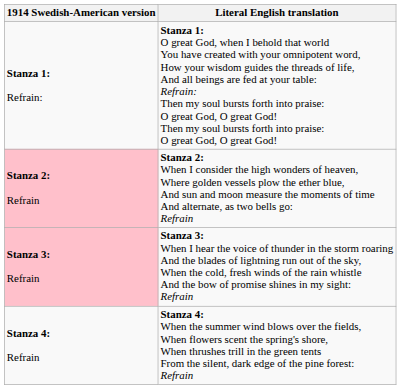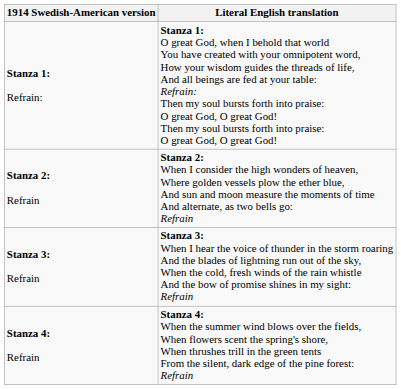 <table class="wikitable">
 <tr>
 <th>1914 Swedish-American version</th>
 <th>Literal English translation</th>
 </tr>
 <tr>
 <td><strong>Stanza 1:</strong><br><br>Refrain:<br></td>
 <td><strong>Stanza 1:</strong><br>O great God, when I behold that world<br>You have created with your omnipotent word,<br>How your wisdom guides the threads of life,<br>And all beings are fed at your table:<br><em>Refrain:</em><br>Then my soul bursts forth into praise:<br>O great God, O great God!<br>Then my soul bursts forth into praise:<br>O great God, O great God!</td>
 </tr>
 <tr>
-<td style="background: pink;"><strong>Stanza 2:</strong><br><br>Refrain</td>
+<td><strong>Stanza 2:</strong><br><br>Refrain</td>
 <td><strong>Stanza 2:</strong><br>When I consider the high wonders of heaven,<br>Where golden vessels plow the ether blue,<br>And sun and moon measure the moments of time<br>And alternate, as two bells go:<br><em>Refrain</em></td>
 </tr>
 <tr>
-<td style="background: pink;"><strong>Stanza 3:</strong><br><br>Refrain</td>
+<td><strong>Stanza 3:</strong><br><br>Refrain</td>
 <td><strong>Stanza 3:</strong><br>When I hear the voice of thunder in the storm roaring<br>And the blades of lightning run out of the sky,<br>When the cold, fresh winds of the rain whistle<br>And the bow of promise shines in my sight:<br><em>Refrain</em></td>
 </tr>
 <tr>
 <td><strong>Stanza 4:</strong><br><br>Refrain</td>
 <td><strong>Stanza 4:</strong><br>When the summer wind blows over the fields,<br>When flowers scent the spring's shore,<br>When thrushes trill in the green tents<br>From the silent, dark edge of the pine forest:<br><em>Refrain</em></td>
 </tr>
 </table>
